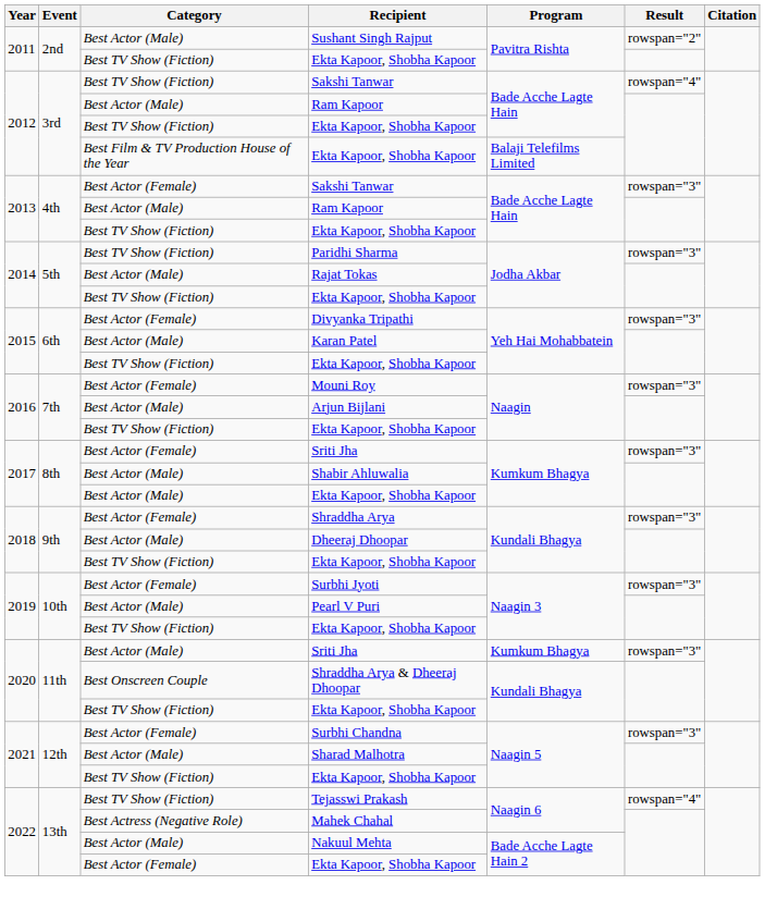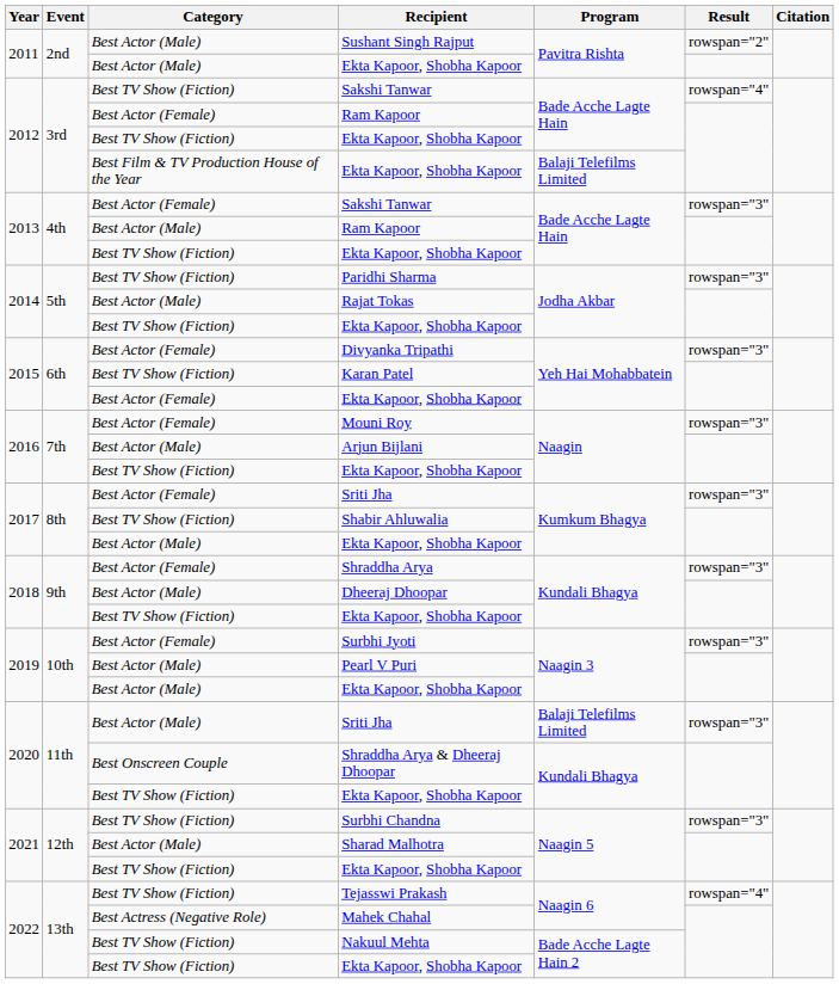 <table class="wikitable">
 <tr>
 <th>Year</th>
 <th>Event</th>
 <th>Category</th>
 <th>Recipient</th>
 <th>Program</th>
 <th>Result</th>
 <th>Citation</th>
 </tr>
 <tr>
 <td rowspan="2">2011</td>
 <td rowspan="2">2nd</td>
 <td><em>Best Actor (Male)</em></td>
 <td><a href='#'>Sushant Singh Rajput</a></td>
 <td rowspan="2"><a href='#'>Pavitra Rishta</a></td>
 <td>rowspan="2" </td>
 <td rowspan="2"></td>
 </tr>
 <tr>
-<td><em>Best TV Show (Fiction)</em></td>
+<td><em>Best Actor (Male)</em></td>
 <td><a href='#'>Ekta Kapoor</a>, <a href='#'>Shobha Kapoor</a></td>
 </tr>
 <tr>
 <td rowspan="4">2012</td>
 <td rowspan="4">3rd</td>
 <td><em>Best TV Show (Fiction)</em></td>
 <td><a href='#'>Sakshi Tanwar</a></td>
 <td rowspan="3"><a href='#'>Bade Acche Lagte Hain</a></td>
 <td>rowspan="4" </td>
 <td rowspan="4"></td>
 </tr>
 <tr>
-<td><em>Best Actor (Male)</em></td>
+<td><em>Best Actor (Female)</em></td>
 <td><a href='#'>Ram Kapoor</a></td>
 </tr>
 <tr>
 <td><em>Best TV Show (Fiction)</em></td>
 <td><a href='#'>Ekta Kapoor</a>, <a href='#'>Shobha Kapoor</a></td>
 </tr>
 <tr>
 <td><em>Best Film & TV Production House of the Year</em></td>
 <td><a href='#'>Ekta Kapoor</a>, <a href='#'>Shobha Kapoor</a></td>
 <td><a href='#'>Balaji Telefilms Limited</a></td>
 </tr>
 <tr>
 <td rowspan="3">2013</td>
 <td rowspan="3">4th</td>
 <td><em>Best Actor (Female)</em></td>
 <td><a href='#'>Sakshi Tanwar</a></td>
 <td rowspan="3"><a href='#'>Bade Acche Lagte Hain</a></td>
 <td>rowspan="3" </td>
 <td rowspan="3"></td>
 </tr>
 <tr>
 <td><em>Best Actor (Male)</em></td>
 <td><a href='#'>Ram Kapoor</a></td>
 </tr>
 <tr>
 <td><em>Best TV Show (Fiction)</em></td>
 <td><a href='#'>Ekta Kapoor</a>, <a href='#'>Shobha Kapoor</a></td>
 </tr>
 <tr>
 <td rowspan="3">2014</td>
 <td rowspan="3">5th</td>
 <td><em>Best TV Show (Fiction)</em></td>
 <td><a href='#'>Paridhi Sharma</a></td>
 <td rowspan="3"><a href='#'>Jodha Akbar</a></td>
 <td>rowspan="3" </td>
 <td rowspan="3"></td>
 </tr>
 <tr>
 <td><em>Best Actor (Male)</em></td>
 <td><a href='#'>Rajat Tokas</a></td>
 </tr>
 <tr>
 <td><em>Best TV Show (Fiction)</em></td>
 <td><a href='#'>Ekta Kapoor</a>, <a href='#'>Shobha Kapoor</a></td>
 </tr>
 <tr>
 <td rowspan="3">2015</td>
 <td rowspan="3">6th</td>
 <td><em>Best Actor (Female)</em></td>
 <td><a href='#'>Divyanka Tripathi</a></td>
 <td rowspan="3"><a href='#'>Yeh Hai Mohabbatein</a></td>
 <td>rowspan="3" </td>
 <td rowspan="3"></td>
 </tr>
 <tr>
-<td><em>Best Actor (Male)</em></td>
+<td><em>Best TV Show (Fiction)</em></td>
 <td><a href='#'>Karan Patel</a></td>
 </tr>
 <tr>
-<td><em>Best TV Show (Fiction)</em></td>
+<td><em>Best Actor (Female)</em></td>
 <td><a href='#'>Ekta Kapoor</a>, <a href='#'>Shobha Kapoor</a></td>
 </tr>
 <tr>
 <td rowspan="3">2016</td>
 <td rowspan="3">7th</td>
 <td><em>Best Actor (Female)</em></td>
 <td><a href='#'>Mouni Roy</a></td>
 <td rowspan="3"><a href='#'>Naagin</a></td>
 <td>rowspan="3" </td>
 <td rowspan="3"></td>
 </tr>
 <tr>
 <td><em>Best Actor (Male)</em></td>
 <td><a href='#'>Arjun Bijlani</a></td>
 </tr>
 <tr>
 <td><em>Best TV Show (Fiction)</em></td>
 <td><a href='#'>Ekta Kapoor</a>, <a href='#'>Shobha Kapoor</a></td>
 </tr>
 <tr>
 <td rowspan="3">2017</td>
 <td rowspan="3">8th</td>
 <td><em>Best Actor (Female)</em></td>
 <td><a href='#'>Sriti Jha</a></td>
 <td rowspan="3"><a href='#'>Kumkum Bhagya</a></td>
 <td>rowspan="3" </td>
 <td rowspan="3"></td>
 </tr>
 <tr>
-<td><em>Best Actor (Male)</em></td>
+<td><em>Best TV Show (Fiction)</em></td>
 <td><a href='#'>Shabir Ahluwalia</a></td>
 </tr>
 <tr>
 <td><em>Best Actor (Male)</em></td>
 <td><a href='#'>Ekta Kapoor</a>, <a href='#'>Shobha Kapoor</a></td>
 </tr>
 <tr>
 <td rowspan="3">2018</td>
 <td rowspan="3">9th</td>
 <td><em>Best Actor (Female)</em></td>
 <td><a href='#'>Shraddha Arya</a></td>
 <td rowspan="3"><a href='#'>Kundali Bhagya</a></td>
 <td>rowspan="3" </td>
 <td rowspan="3"></td>
 </tr>
 <tr>
 <td><em>Best Actor (Male)</em></td>
 <td><a href='#'>Dheeraj Dhoopar</a></td>
 </tr>
 <tr>
 <td><em>Best TV Show (Fiction)</em></td>
 <td><a href='#'>Ekta Kapoor</a>, <a href='#'>Shobha Kapoor</a></td>
 </tr>
 <tr>
 <td rowspan="3">2019</td>
 <td rowspan="3">10th</td>
 <td><em>Best Actor (Female)</em></td>
 <td><a href='#'>Surbhi Jyoti</a></td>
 <td rowspan="3"><a href='#'>Naagin 3</a></td>
 <td>rowspan="3" </td>
 <td rowspan="3"></td>
 </tr>
 <tr>
 <td><em>Best Actor (Male)</em></td>
 <td><a href='#'>Pearl V Puri</a></td>
 </tr>
 <tr>
-<td><em>Best TV Show (Fiction)</em></td>
+<td><em>Best Actor (Male)</em></td>
 <td><a href='#'>Ekta Kapoor</a>, <a href='#'>Shobha Kapoor</a></td>
 </tr>
 <tr>
 <td rowspan="3">2020</td>
 <td rowspan="3">11th</td>
 <td><em>Best Actor (Male)</em></td>
 <td><a href='#'>Sriti Jha</a></td>
-<td><a href='#'>Kumkum Bhagya</a></td>
+<td><a href='#'>Balaji Telefilms Limited</a></td>
 <td>rowspan="3" </td>
 <td rowspan="3"></td>
 </tr>
 <tr>
 <td><em>Best Onscreen Couple</em></td>
 <td><a href='#'>Shraddha Arya</a> & <a href='#'>Dheeraj Dhoopar</a></td>
 <td rowspan="2"><a href='#'>Kundali Bhagya</a></td>
 </tr>
 <tr>
 <td><em>Best TV Show (Fiction)</em></td>
 <td><a href='#'>Ekta Kapoor</a>, <a href='#'>Shobha Kapoor</a></td>
 </tr>
 <tr>
 <td rowspan="3">2021</td>
 <td rowspan="3">12th</td>
-<td><em>Best Actor (Female)</em></td>
+<td><em>Best TV Show (Fiction)</em></td>
 <td><a href='#'>Surbhi Chandna</a></td>
 <td rowspan="3"><a href='#'>Naagin 5</a></td>
 <td>rowspan="3" </td>
 <td rowspan="3"></td>
 </tr>
 <tr>
 <td><em>Best Actor (Male)</em></td>
 <td><a href='#'>Sharad Malhotra</a></td>
 </tr>
 <tr>
 <td><em>Best TV Show (Fiction)</em></td>
 <td><a href='#'>Ekta Kapoor</a>, <a href='#'>Shobha Kapoor</a></td>
 </tr>
 <tr>
 <td rowspan="4">2022</td>
 <td rowspan="4">13th</td>
 <td><em>Best TV Show (Fiction)</em></td>
 <td><a href='#'>Tejasswi Prakash</a></td>
 <td rowspan="2"><a href='#'>Naagin 6</a></td>
 <td>rowspan="4" </td>
 <td rowspan="4"></td>
 </tr>
 <tr>
 <td><em>Best Actress (Negative Role)</em></td>
 <td><a href='#'>Mahek Chahal</a></td>
 </tr>
 <tr>
-<td><em>Best Actor (Male)</em></td>
+<td><em>Best TV Show (Fiction)</em></td>
 <td><a href='#'>Nakuul Mehta</a></td>
 <td rowspan="2"><a href='#'>Bade Acche Lagte Hain 2</a></td>
 </tr>
 <tr>
-<td><em>Best Actor (Female)</em></td>
+<td><em>Best TV Show (Fiction)</em></td>
 <td><a href='#'>Ekta Kapoor</a>, <a href='#'>Shobha Kapoor</a></td>
 </tr>
 </table>
